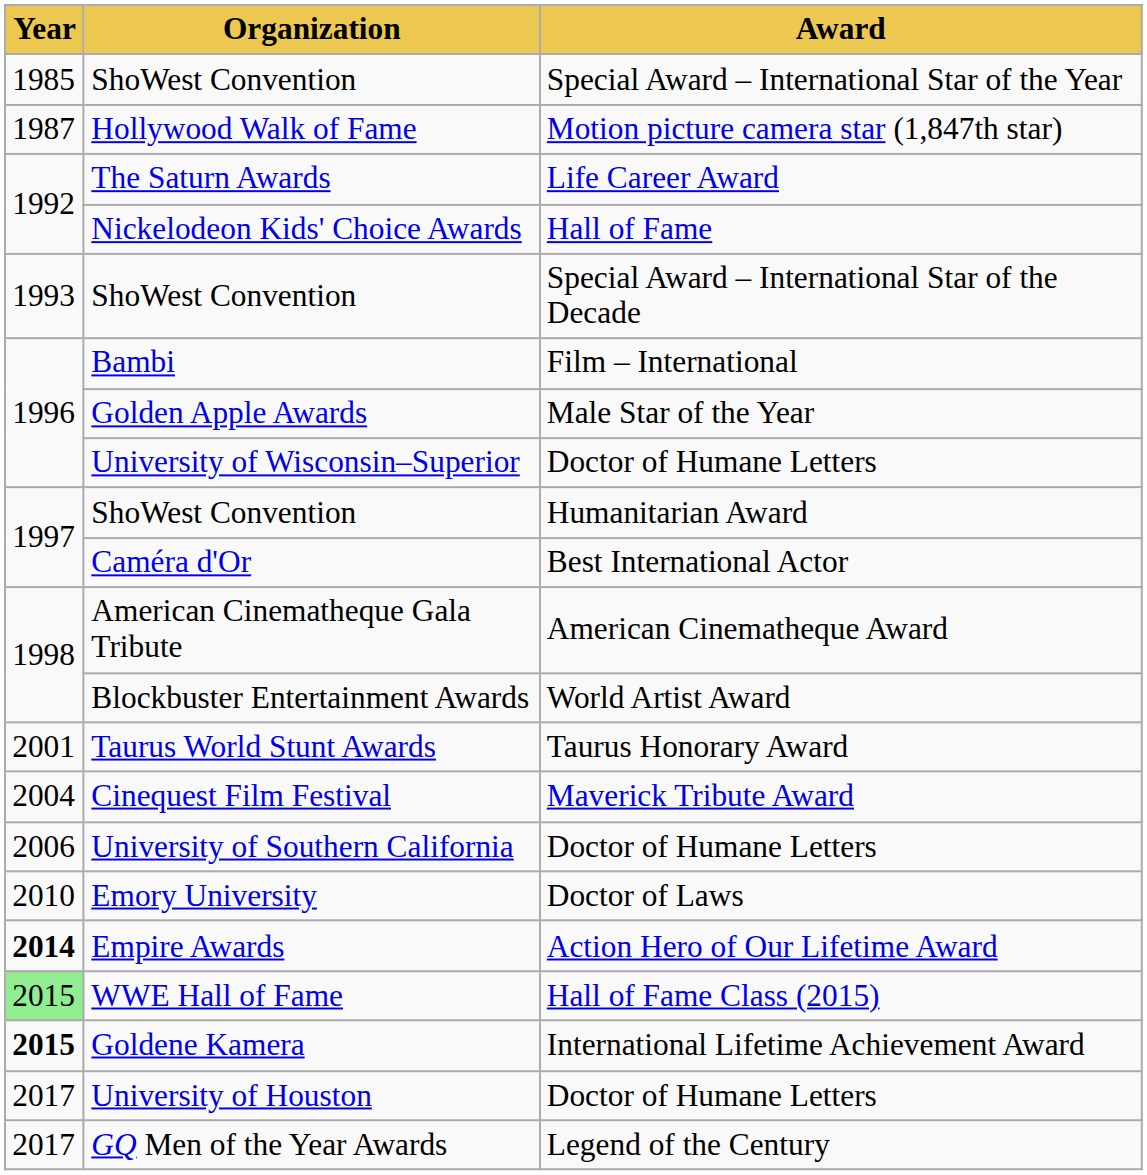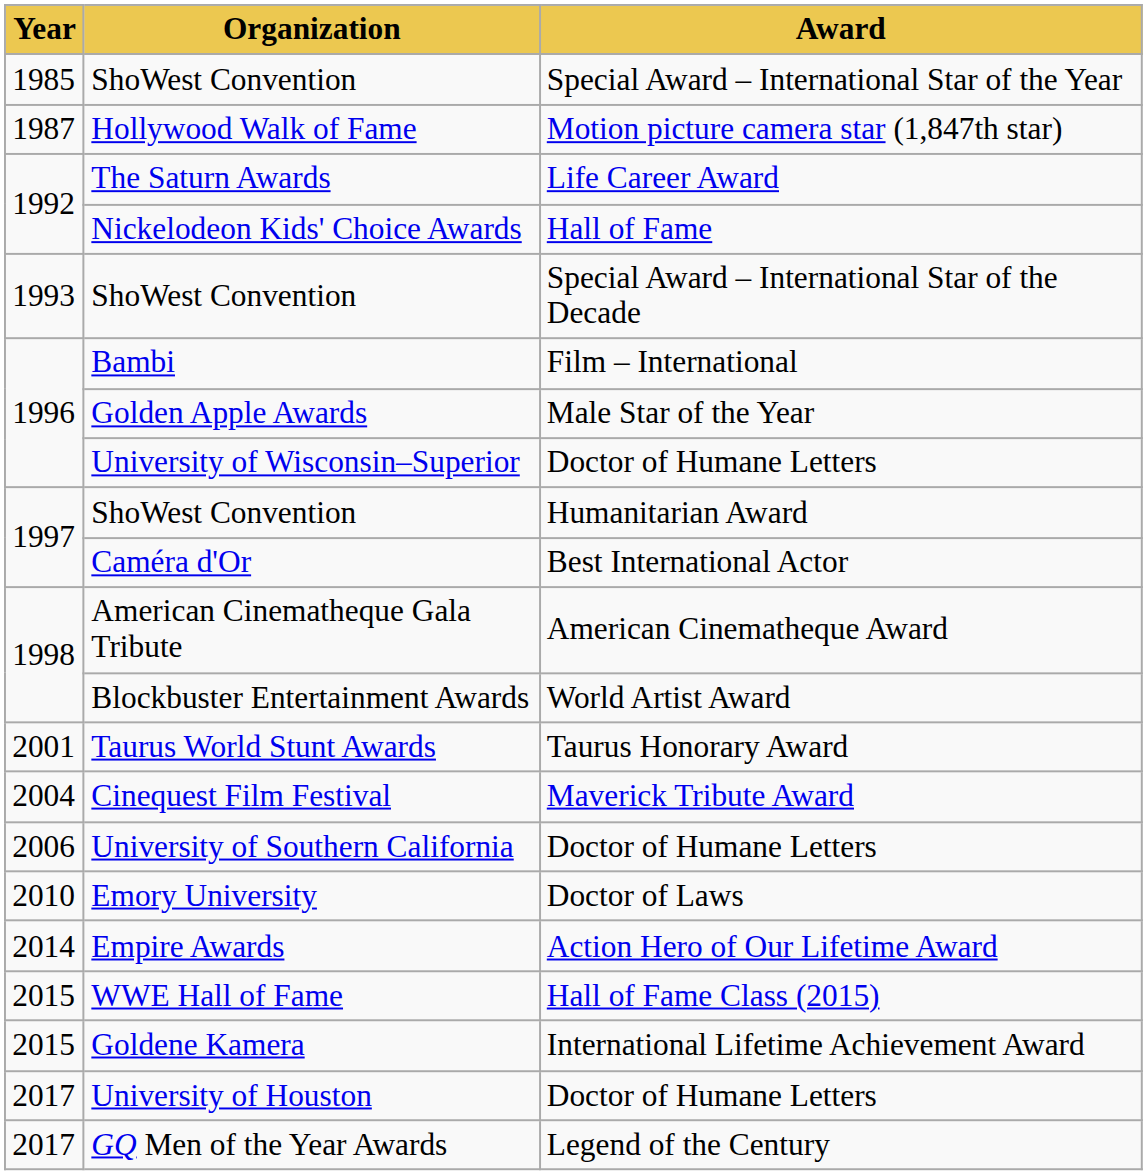 <table class="wikitable">
 <tr>
 <th width="33" style="background:#ECC850;">Year</th>
 <th width="225" style="background:#ECC850;">Organization</th>
 <th width="300" style="background:#ECC850;">Award</th>
 </tr>
 <tr>
 <td>1985</td>
 <td>ShoWest Convention</td>
 <td>Special Award – International Star of the Year</td>
 </tr>
 <tr>
 <td>1987</td>
 <td><a href='#'>Hollywood Walk of Fame</a></td>
 <td><a href='#'>Motion picture camera star</a> (1,847th star)</td>
 </tr>
 <tr>
 <td rowspan="2">1992</td>
 <td><a href='#'>The Saturn Awards</a></td>
 <td><a href='#'>Life Career Award</a></td>
 </tr>
 <tr>
 <td><a href='#'>Nickelodeon Kids' Choice Awards</a></td>
 <td><a href='#'>Hall of Fame</a></td>
 </tr>
 <tr>
 <td>1993</td>
 <td>ShoWest Convention</td>
 <td>Special Award – International Star of the Decade</td>
 </tr>
 <tr>
 <td rowspan="3">1996</td>
 <td><a href='#'>Bambi</a></td>
 <td>Film – International</td>
 </tr>
 <tr>
 <td><a href='#'>Golden Apple Awards</a></td>
 <td>Male Star of the Year</td>
 </tr>
 <tr>
 <td><a href='#'>University of Wisconsin–Superior</a></td>
 <td>Doctor of Humane Letters</td>
 </tr>
 <tr>
 <td rowspan="2">1997</td>
 <td>ShoWest Convention</td>
 <td>Humanitarian Award</td>
 </tr>
 <tr>
 <td><a href='#'>Caméra d'Or</a></td>
 <td>Best International Actor</td>
 </tr>
 <tr>
 <td rowspan="2">1998</td>
 <td>American Cinematheque Gala Tribute</td>
 <td>American Cinematheque Award</td>
 </tr>
 <tr>
 <td>Blockbuster Entertainment Awards</td>
 <td>World Artist Award</td>
 </tr>
 <tr>
 <td>2001</td>
 <td><a href='#'>Taurus World Stunt Awards</a></td>
 <td>Taurus Honorary Award</td>
 </tr>
 <tr>
 <td>2004</td>
 <td><a href='#'>Cinequest Film Festival</a></td>
 <td><a href='#'>Maverick Tribute Award</a></td>
 </tr>
 <tr>
 <td>2006</td>
 <td><a href='#'>University of Southern California</a></td>
 <td>Doctor of Humane Letters</td>
 </tr>
 <tr>
 <td>2010</td>
 <td><a href='#'>Emory University</a></td>
 <td>Doctor of Laws</td>
 </tr>
 <tr>
-<td><strong>2014</strong></td>
+<td>2014</td>
 <td><a href='#'>Empire Awards</a></td>
 <td><a href='#'>Action Hero of Our Lifetime Award</a></td>
 </tr>
 <tr>
-<td style="background: lightgreen;">2015</td>
+<td>2015</td>
 <td><a href='#'>WWE Hall of Fame</a></td>
 <td><a href='#'>Hall of Fame Class (2015)</a></td>
 </tr>
 <tr>
-<td><strong>2015</strong></td>
+<td>2015</td>
 <td><a href='#'>Goldene Kamera</a></td>
 <td>International Lifetime Achievement Award</td>
 </tr>
 <tr>
 <td>2017</td>
 <td><a href='#'>University of Houston</a></td>
 <td>Doctor of Humane Letters</td>
 </tr>
 <tr>
 <td>2017</td>
 <td><em><a href='#'>GQ</a></em> Men of the Year Awards</td>
 <td>Legend of the Century</td>
 </tr>
 </table>
